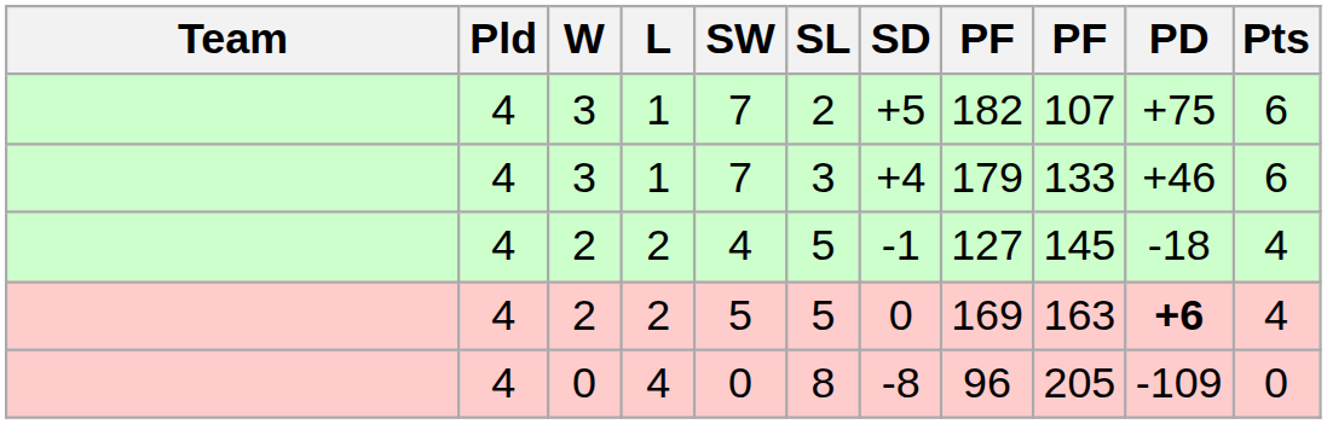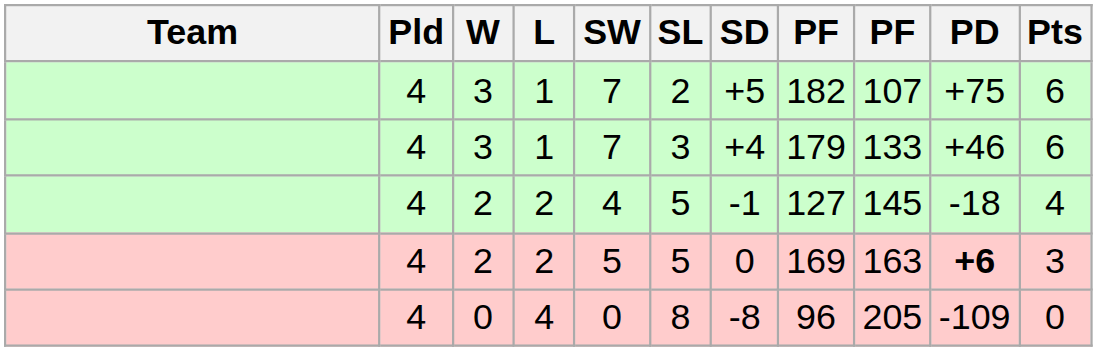 <table class=wikitable style="text-align:center">
 <tr>
 <th width=160>Team</th>
 <th width=20>Pld</th>
 <th width=20>W</th>
 <th width=20>L</th>
 <th width=20>SW</th>
 <th width=20>SL</th>
 <th width=20>SD</th>
 <th width=20>PF</th>
 <th width=20>PF</th>
 <th width=20>PD</th>
 <th width=20>Pts</th>
 </tr>
 <tr bgcolor="ccffcc">
 <td align=left></td>
 <td>4</td>
 <td>3</td>
 <td>1</td>
 <td>7</td>
 <td>2</td>
 <td>+5</td>
 <td>182</td>
 <td>107</td>
 <td>+75</td>
 <td>6</td>
 </tr>
 <tr bgcolor="ccffcc">
 <td align=left></td>
 <td>4</td>
 <td>3</td>
 <td>1</td>
 <td>7</td>
 <td>3</td>
 <td>+4</td>
 <td>179</td>
 <td>133</td>
 <td>+46</td>
 <td>6</td>
 </tr>
 <tr bgcolor="ccffcc">
 <td align=left></td>
 <td>4</td>
 <td>2</td>
 <td>2</td>
 <td>4</td>
 <td>5</td>
 <td>-1</td>
 <td>127</td>
 <td>145</td>
 <td>-18</td>
 <td>4</td>
 </tr>
 <tr bgcolor="ffcccc">
 <td align=left></td>
 <td>4</td>
 <td>2</td>
 <td>2</td>
 <td>5</td>
 <td>5</td>
 <td>0</td>
 <td>169</td>
 <td>163</td>
 <td><strong>+6</strong></td>
-<td>4</td>
+<td>3</td>
 </tr>
 <tr bgcolor="ffcccc">
 <td align=left></td>
 <td>4</td>
 <td>0</td>
 <td>4</td>
 <td>0</td>
 <td>8</td>
 <td>-8</td>
 <td>96</td>
 <td>205</td>
 <td>-109</td>
 <td>0</td>
 </tr>
 </table>
